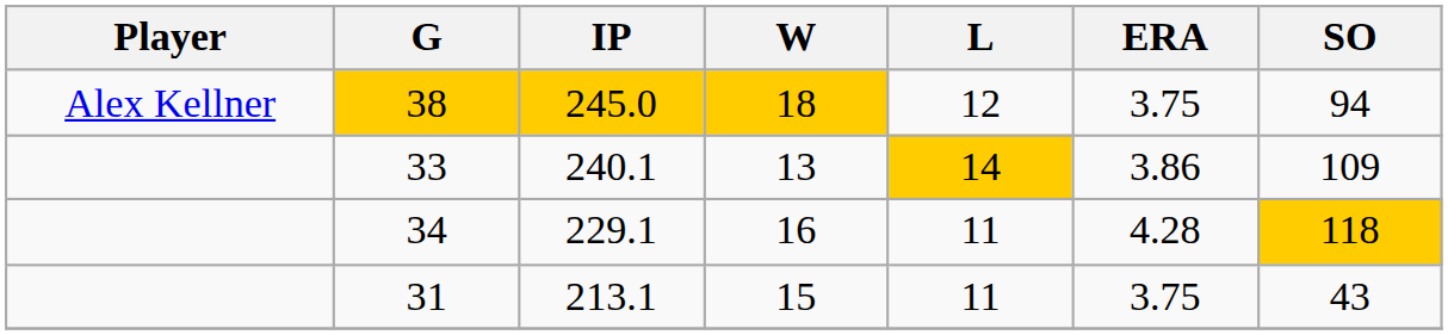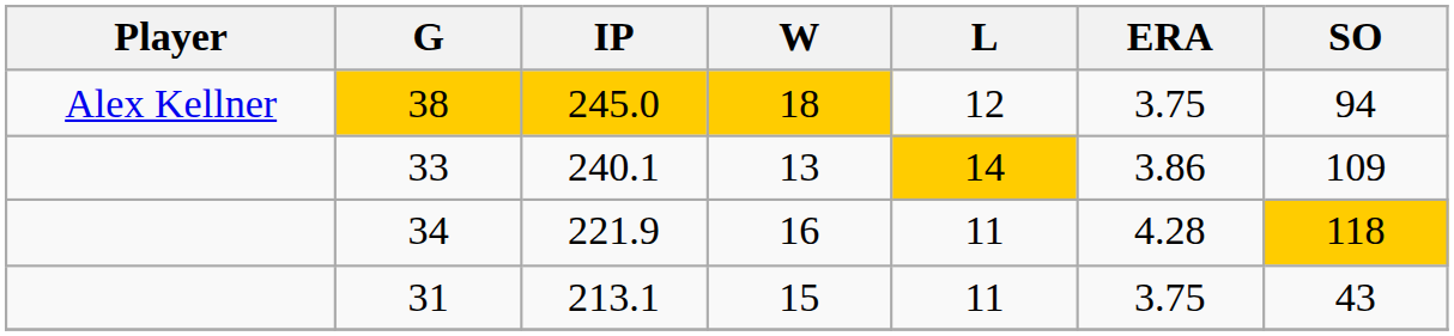 <table class="wikitable sortable">
 <tr>
 <th bgcolor="#DDDDFF" width="16%">Player</th>
 <th bgcolor="#DDDDFF" width="9%">G</th>
 <th bgcolor="#DDDDFF" width="9%">IP</th>
 <th bgcolor="#DDDDFF" width="9%">W</th>
 <th bgcolor="#DDDDFF" width="9%">L</th>
 <th bgcolor="#DDDDFF" width="9%">ERA</th>
 <th bgcolor="#DDDDFF" width="9%">SO</th>
 </tr>
 <tr align="center">
 <td><a href='#'>Alex Kellner</a></td>
 <td style="background:#fc0;">38</td>
 <td style="background:#fc0;">245.0</td>
 <td style="background:#fc0;">18</td>
 <td>12</td>
 <td>3.75</td>
 <td>94</td>
 </tr>
 <tr align="center">
 <td></td>
 <td>33</td>
 <td>240.1</td>
 <td>13</td>
 <td style="background:#fc0;">14</td>
 <td>3.86</td>
 <td>109</td>
 </tr>
 <tr align="center">
 <td></td>
 <td>34</td>
-<td>229.1</td>
+<td>221.9</td>
 <td>16</td>
 <td>11</td>
 <td>4.28</td>
 <td style="background:#fc0;">118</td>
 </tr>
 <tr align="center">
 <td></td>
 <td>31</td>
 <td>213.1</td>
 <td>15</td>
 <td>11</td>
 <td>3.75</td>
 <td>43</td>
 </tr>
 <tr align="center">
 </tr>
 </table>
